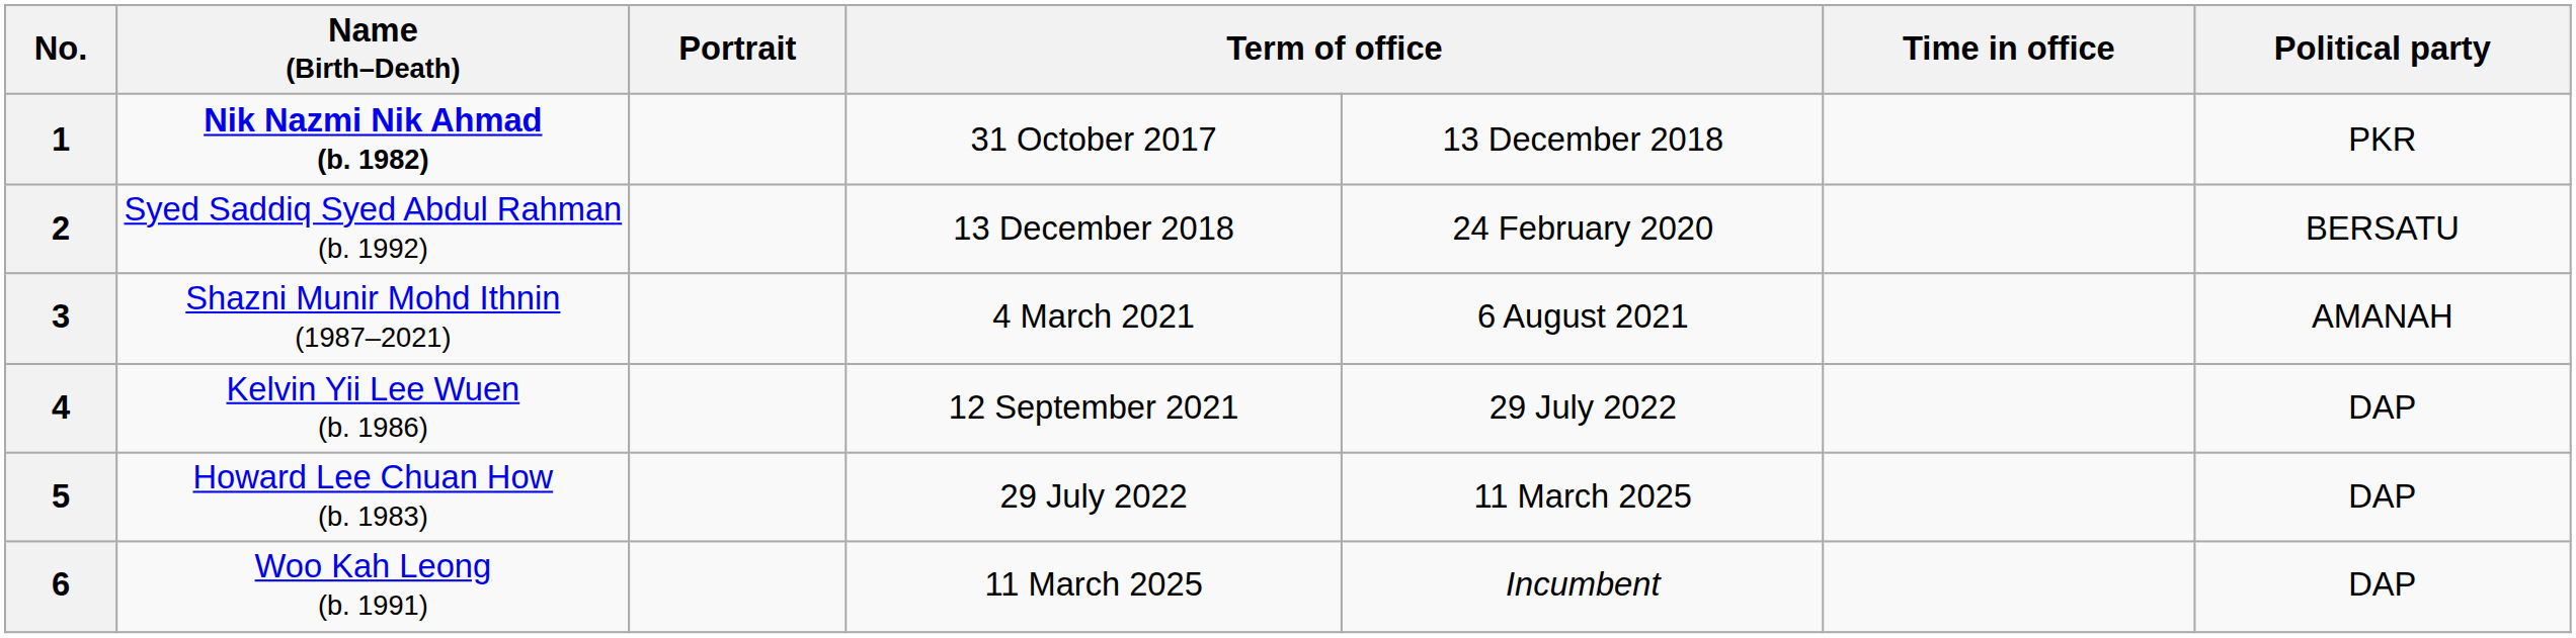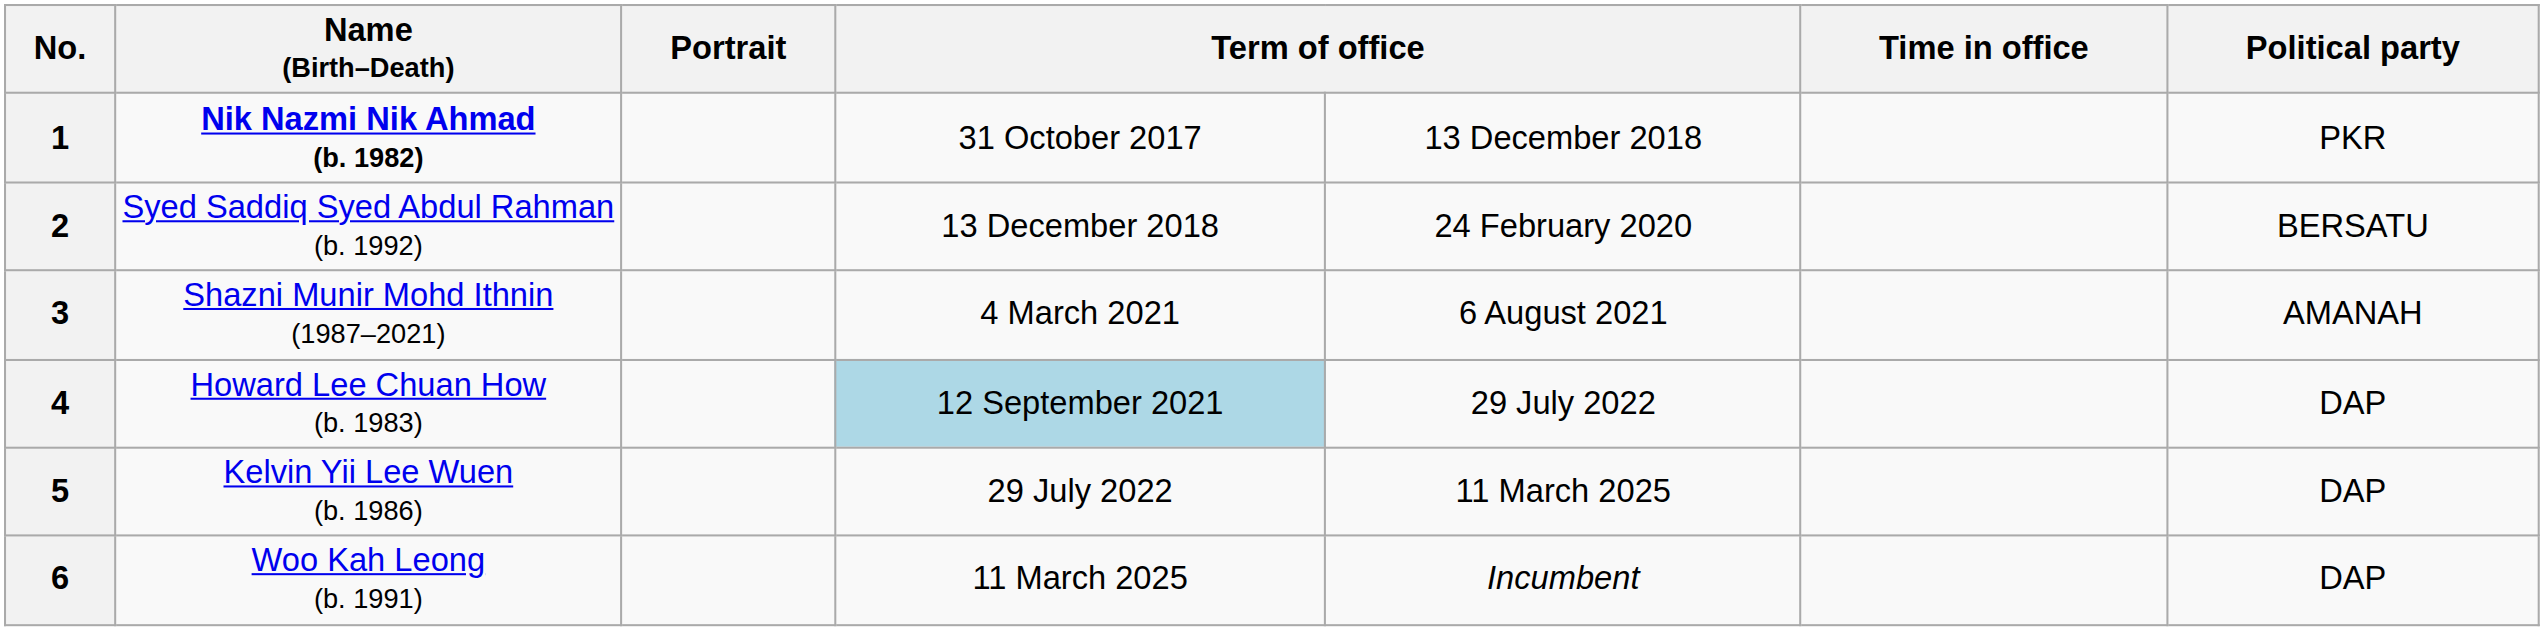 <table class="wikitable" style="text-align:center">
 <tr>
 <th>No.</th>
 <th width="20%">Name<br><small>(Birth–Death)</small></th>
 <th>Portrait</th>
 <th colspan="2">Term of office</th>
 <th>Time in office</th>
 <th>Political party</th>
 </tr>
 <tr>
 <th>1</th>
 <td><strong><a href='#'>Nik Nazmi Nik Ahmad</a><br><small>(b. 1982)</small></strong></td>
 <td></td>
 <td>31 October 2017</td>
 <td>13 December 2018</td>
 <td></td>
 <td style="background: ">PKR</td>
 </tr>
 <tr>
 <th>2</th>
 <td><a href='#'>Syed Saddiq Syed Abdul Rahman</a><br><small>(b. 1992)</small></td>
 <td></td>
 <td>13 December 2018</td>
 <td>24 February 2020</td>
 <td></td>
 <td style="background: ">BERSATU</td>
 </tr>
 <tr>
 <th>3</th>
 <td><a href='#'>Shazni Munir Mohd Ithnin</a><br><small>(1987–2021)</small></td>
 <td></td>
 <td>4 March 2021</td>
 <td>6 August 2021</td>
 <td></td>
 <td style="background: ">AMANAH</td>
 </tr>
 <tr>
 <th>4</th>
-<td><a href='#'>Kelvin Yii Lee Wuen</a><br><small>(b. 1986)</small></td>
+<td><a href='#'>Howard Lee Chuan How</a><br><small>(b. 1983)</small></td>
 <td></td>
-<td>12 September 2021</td>
+<td style="background: lightblue;">12 September 2021</td>
 <td>29 July 2022</td>
 <td></td>
 <td style="background: ">DAP</td>
 </tr>
 <tr>
 <th>5</th>
-<td><a href='#'>Howard Lee Chuan How</a><br><small>(b. 1983)</small></td>
+<td><a href='#'>Kelvin Yii Lee Wuen</a><br><small>(b. 1986)</small></td>
 <td></td>
 <td>29 July 2022</td>
 <td>11 March 2025</td>
 <td></td>
 <td style="background: ">DAP</td>
 </tr>
 <tr>
 <th>6</th>
 <td><a href='#'>Woo Kah Leong</a><br><small>(b. 1991)</small></td>
 <td></td>
 <td>11 March 2025</td>
 <td><em>Incumbent</em></td>
 <td></td>
 <td style="background: ">DAP</td>
 </tr>
 </table>
